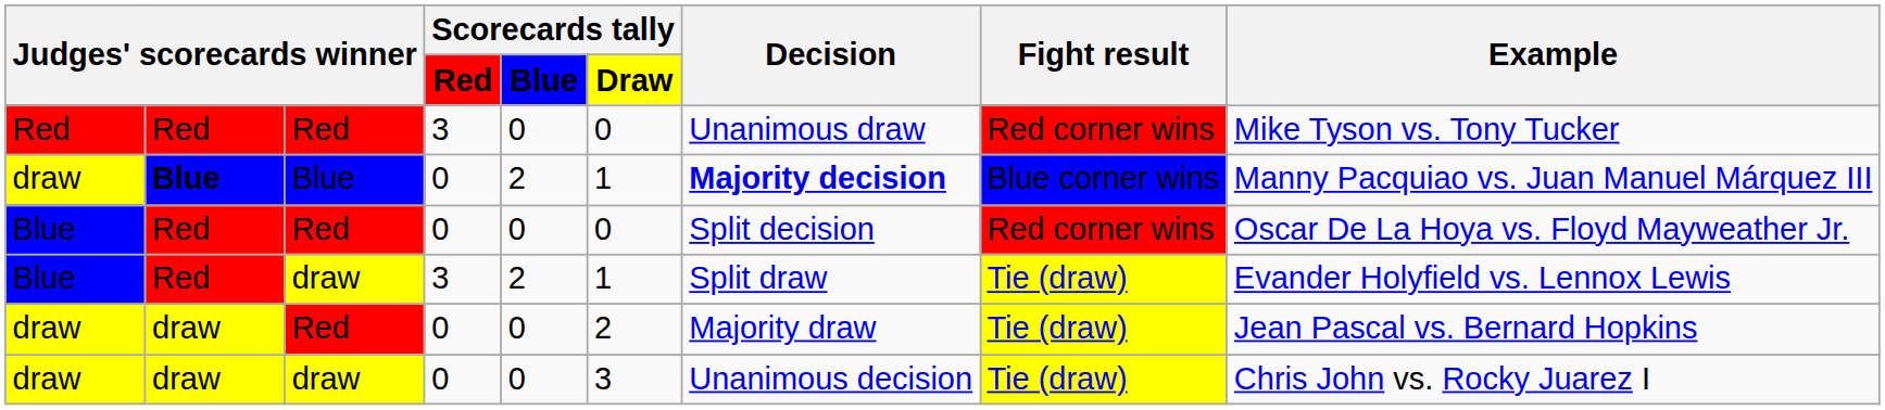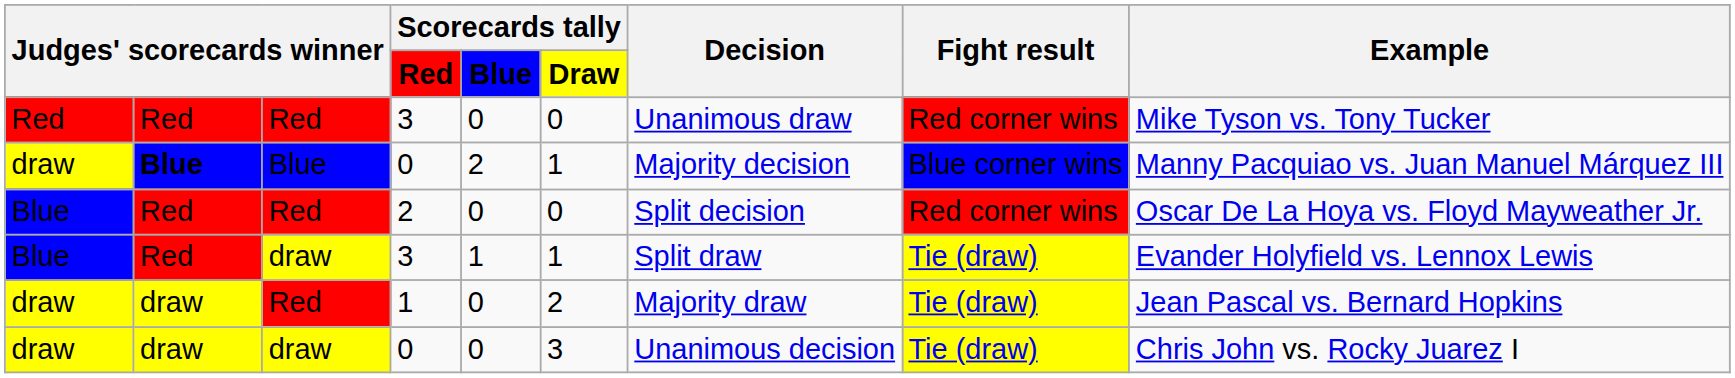 <table class=wikitable>
 <tr>
 <th rowspan=2 colspan=3>Judges' scorecards winner</th>
 <th colspan=3>Scorecards tally</th>
 <th rowspan=2>Decision</th>
 <th rowspan=2>Fight result</th>
 <th rowspan=2>Example</th>
 </tr>
 <tr align=center>
 <td bgcolor=red><span><strong>Red</strong></span></td>
 <td bgcolor=blue><span><strong>Blue</strong></span></td>
 <td bgcolor=yellow><strong>Draw</strong></td>
 </tr>
 <tr>
 <td bgcolor=red><span>Red</span></td>
 <td bgcolor=red><span>Red</span></td>
 <td bgcolor=red><span>Red</span></td>
 <td>3</td>
 <td>0</td>
 <td>0</td>
 <td><a href='#'>Unanimous draw</a></td>
 <td bgcolor=red><span>Red corner wins</span></td>
 <td><a href='#'>Mike Tyson vs. Tony Tucker</a></td>
 </tr>
 <tr>
 <td bgcolor=yellow>draw</td>
 <td bgcolor=blue><strong><span>Blue</span></strong></td>
 <td bgcolor=blue><span>Blue</span></td>
 <td>0</td>
 <td>2</td>
 <td>1</td>
-<td><strong><a href='#'>Majority decision</a></strong></td>
+<td><a href='#'>Majority decision</a></td>
 <td bgcolor=blue><span>Blue corner wins</span></td>
 <td><a href='#'>Manny Pacquiao vs. Juan Manuel Márquez III</a></td>
 </tr>
 <tr>
 <td bgcolor=blue><span>Blue</span></td>
 <td bgcolor=red><span>Red</span></td>
 <td bgcolor=red><span>Red</span></td>
-<td>0</td>
+<td>2</td>
 <td>0</td>
 <td>0</td>
 <td><a href='#'>Split decision</a></td>
 <td bgcolor=red><span>Red corner wins</span></td>
 <td><a href='#'>Oscar De La Hoya vs. Floyd Mayweather Jr.</a></td>
 </tr>
 <tr>
 <td bgcolor=blue><span>Blue</span></td>
 <td bgcolor=red><span>Red</span></td>
 <td bgcolor=yellow>draw</td>
 <td>3</td>
-<td>2</td>
+<td>1</td>
 <td>1</td>
 <td><a href='#'>Split draw</a></td>
 <td bgcolor=yellow><a href='#'>Tie (draw)</a></td>
 <td><a href='#'>Evander Holyfield vs. Lennox Lewis</a></td>
 </tr>
 <tr>
 <td bgcolor=yellow>draw</td>
 <td bgcolor=yellow>draw</td>
 <td bgcolor=red><span>Red</span></td>
-<td>0</td>
+<td>1</td>
 <td>0</td>
 <td>2</td>
 <td><a href='#'>Majority draw</a></td>
 <td bgcolor=yellow><a href='#'>Tie (draw)</a></td>
 <td><a href='#'>Jean Pascal vs. Bernard Hopkins</a></td>
 </tr>
 <tr>
 <td bgcolor=yellow>draw</td>
 <td bgcolor=yellow>draw</td>
 <td bgcolor=yellow>draw</td>
 <td>0</td>
 <td>0</td>
 <td>3</td>
 <td><a href='#'>Unanimous decision</a></td>
 <td bgcolor=yellow><a href='#'>Tie (draw)</a></td>
 <td><a href='#'>Chris John</a> vs. <a href='#'>Rocky Juarez</a> I</td>
 </tr>
 </table>
